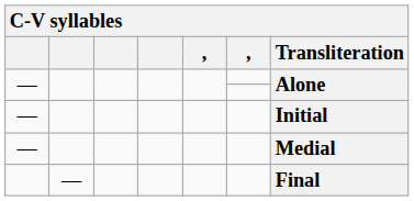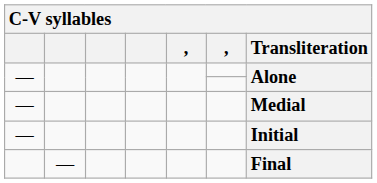 <table class="wikitable" style="text-align: center; display: inline-table;">
 <tr>
 <th colspan="7" style="text-align: left">C-V syllables</th>
 </tr>
 <tr>
 <th style="min-width: 1.75em"></th>
 <th style="min-width: 1.75em"></th>
 <th style="min-width: 1.75em"></th>
 <th style="min-width: 1.75em"></th>
 <th style="min-width: 1.75em">, </th>
 <th style="min-width: 1.75em">, </th>
 <th style="text-align: left">Transliteration</th>
 </tr>
 <tr>
 <td rowspan="2">—</td>
 <td rowspan="2"></td>
 <td rowspan="2"></td>
 <td rowspan="2"></td>
 <td rowspan="2"></td>
 <td>  </td>
 <th rowspan="2" style="text-align: left">Alone</th>
 </tr>
 <tr>
 <td>  </td>
 </tr>
 <tr>
 <td>—</td>
 <td></td>
 <td></td>
 <td></td>
 <td></td>
 <td></td>
-<th style="text-align: left">Initial</th>
+<th style="text-align: left">Medial</th>
 </tr>
 <tr>
 <td>—</td>
 <td></td>
 <td></td>
 <td></td>
 <td></td>
 <td></td>
-<th style="text-align: left">Medial</th>
+<th style="text-align: left">Initial</th>
 </tr>
 <tr>
 <td> </td>
 <td>—</td>
 <td></td>
 <td></td>
 <td></td>
 <td></td>
 <th style="text-align: left">Final</th>
 </tr>
 </table>
